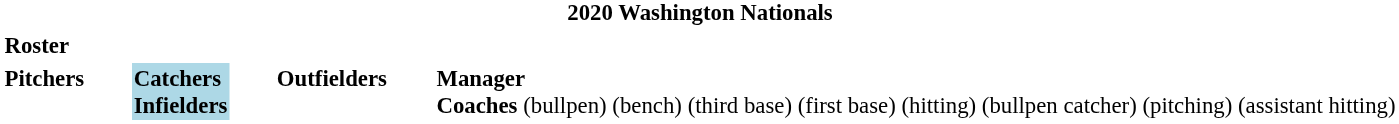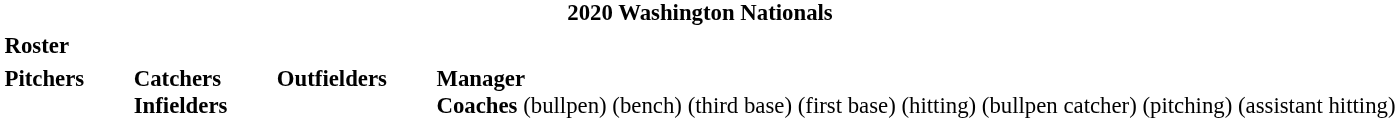 <table class="toccolours" style="font-size: 95%;">
 <tr>
 <th colspan="10">2020 Washington Nationals</th>
 </tr>
 <tr>
 <td colspan="10"><strong>Roster</strong></td>
 </tr>
 <tr>
 <td valign="top"><strong>Pitchers</strong><br>                      </td>
 <td width="25px"></td>
-<td valign="top" style="background: lightblue;"><strong>Catchers</strong><br>  <strong>Infielders</strong>           </td>
+<td valign="top"><strong>Catchers</strong><br>  <strong>Infielders</strong>           </td>
 <td width="25px"></td>
 <td valign="top"><strong>Outfielders</strong><br>      </td>
 <td width="25px"></td>
 <td valign="top"><strong>Manager</strong><br> <strong>Coaches</strong>  (bullpen)  (bench)  (third base)  (first base)  (hitting)  (bullpen catcher)  (pitching)  (assistant hitting)</td>
 </tr>
 <tr>
 </tr>
 </table>
